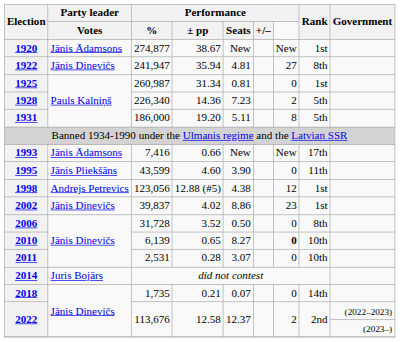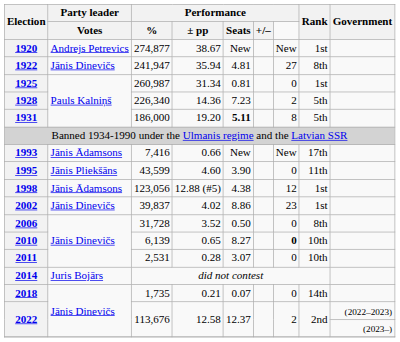 <table class=wikitable style=text-align:right>
 <tr>
 <th rowspan=2>Election</th>
 <th>Party leader</th>
 <th colspan=5>Performance</th>
 <th rowspan=2>Rank</th>
 <th rowspan=2>Government</th>
 </tr>
 <tr>
 <th>Votes</th>
 <th>%</th>
 <th>± pp</th>
 <th>Seats</th>
 <th>+/–</th>
 </tr>
 <tr>
 <th><a href='#'>1920</a></th>
-<td align=left><a href='#'>Jānis Ādamsons</a></td>
+<td align=left><a href='#'>Andrejs Petrevics</a></td>
 <td>274,877</td>
 <td>38.67</td>
 <td>New</td>
 <td></td>
 <td>New</td>
 <td>1st</td>
 <td></td>
 </tr>
 <tr>
 <th><a href='#'>1922</a></th>
 <td align=left><a href='#'>Jānis Dinevičs</a></td>
 <td>241,947</td>
 <td>35.94</td>
 <td> 4.81</td>
 <td></td>
 <td> 27</td>
 <td> 8th</td>
 <td></td>
 </tr>
 <tr>
 <th><a href='#'>1925</a></th>
 <td align=left rowspan=3><a href='#'>Pauls Kalniņš</a></td>
 <td>260,987</td>
 <td>31.34</td>
 <td> 0.81</td>
 <td></td>
 <td> 0</td>
 <td> 1st</td>
 <td></td>
 </tr>
 <tr>
 <th><a href='#'>1928</a></th>
 <td>226,340</td>
 <td>14.36</td>
 <td> 7.23</td>
 <td></td>
 <td> 2</td>
 <td> 5th</td>
 <td></td>
 </tr>
 <tr>
 <th><a href='#'>1931</a></th>
 <td>186,000</td>
 <td>19.20</td>
-<td> 5.11</td>
+<td><strong> 5.11</strong></td>
 <td></td>
 <td> 8</td>
 <td> 5th</td>
 <td></td>
 </tr>
 <tr>
 <td bgcolor="lightgrey" colspan=9 align=center>Banned 1934-1990 under the <a href='#'>Ulmanis regime</a> and the <a href='#'>Latvian SSR</a></td>
 </tr>
 <tr>
 <th><a href='#'>1993</a></th>
 <td align=left><a href='#'>Jānis Ādamsons</a></td>
 <td>7,416</td>
 <td>0.66</td>
 <td>New</td>
 <td></td>
 <td>New</td>
 <td>17th</td>
 <td></td>
 </tr>
 <tr>
 <th><a href='#'>1995</a></th>
 <td align=left><a href='#'>Jānis Pliekšāns</a></td>
 <td>43,599</td>
 <td>4.60</td>
 <td> 3.90</td>
 <td></td>
 <td> 0</td>
 <td> 11th</td>
 <td></td>
 </tr>
 <tr>
 <th><a href='#'>1998</a></th>
-<td align=left><a href='#'>Andrejs Petrevics</a></td>
+<td align=left><a href='#'>Jānis Ādamsons</a></td>
 <td>123,056</td>
 <td>12.88 (#5)</td>
 <td> 4.38</td>
 <td></td>
 <td> 12</td>
 <td> 1st</td>
 <td></td>
 </tr>
 <tr>
 <th><a href='#'>2002</a></th>
 <td align=left><a href='#'>Jānis Dinevičs</a></td>
 <td>39,837</td>
 <td>4.02</td>
 <td> 8.86</td>
 <td></td>
 <td> 23</td>
 <td> 1st</td>
 <td></td>
 </tr>
 <tr>
 <th><a href='#'>2006</a></th>
 <td align=left rowspan=3><a href='#'>Jānis Dinevičs</a></td>
 <td>31,728</td>
 <td>3.52</td>
 <td> 0.50</td>
 <td></td>
 <td> 0</td>
 <td> 8th</td>
 <td></td>
 </tr>
 <tr>
 <th><a href='#'>2010</a></th>
 <td>6,139</td>
 <td>0.65</td>
 <td> 8.27</td>
 <td></td>
 <td><strong> 0</strong></td>
 <td> 10th</td>
 <td></td>
 </tr>
 <tr>
 <th><a href='#'>2011</a></th>
 <td>2,531</td>
 <td>0.28</td>
 <td> 3.07</td>
 <td></td>
 <td> 0</td>
 <td> 10th</td>
 <td></td>
 </tr>
 <tr>
 <th><a href='#'>2014</a></th>
 <td align=left><a href='#'>Juris Bojārs</a></td>
 <td colspan=6 align=center><em>did not contest</em></td>
 <td></td>
 </tr>
 <tr>
 <th><a href='#'>2018</a></th>
 <td align=left rowspan=3><a href='#'>Jānis Dinevičs</a></td>
 <td>1,735</td>
 <td>0.21</td>
 <td> 0.07</td>
 <td></td>
 <td> 0</td>
 <td> 14th</td>
 <td></td>
 </tr>
 <tr>
 <th rowspan="2"><a href='#'>2022</a></th>
 <td rowspan="2">113,676</td>
 <td rowspan="2">12.58</td>
 <td rowspan="2"> 12.37</td>
 <td rowspan="2"></td>
 <td rowspan="2"> 2</td>
 <td rowspan="2"> 2nd</td>
 <td> <small>(2022–2023)</small></td>
 </tr>
 <tr>
 <td> <small>(2023–)</small></td>
 </tr>
 <tr>
 </tr>
 </table>
